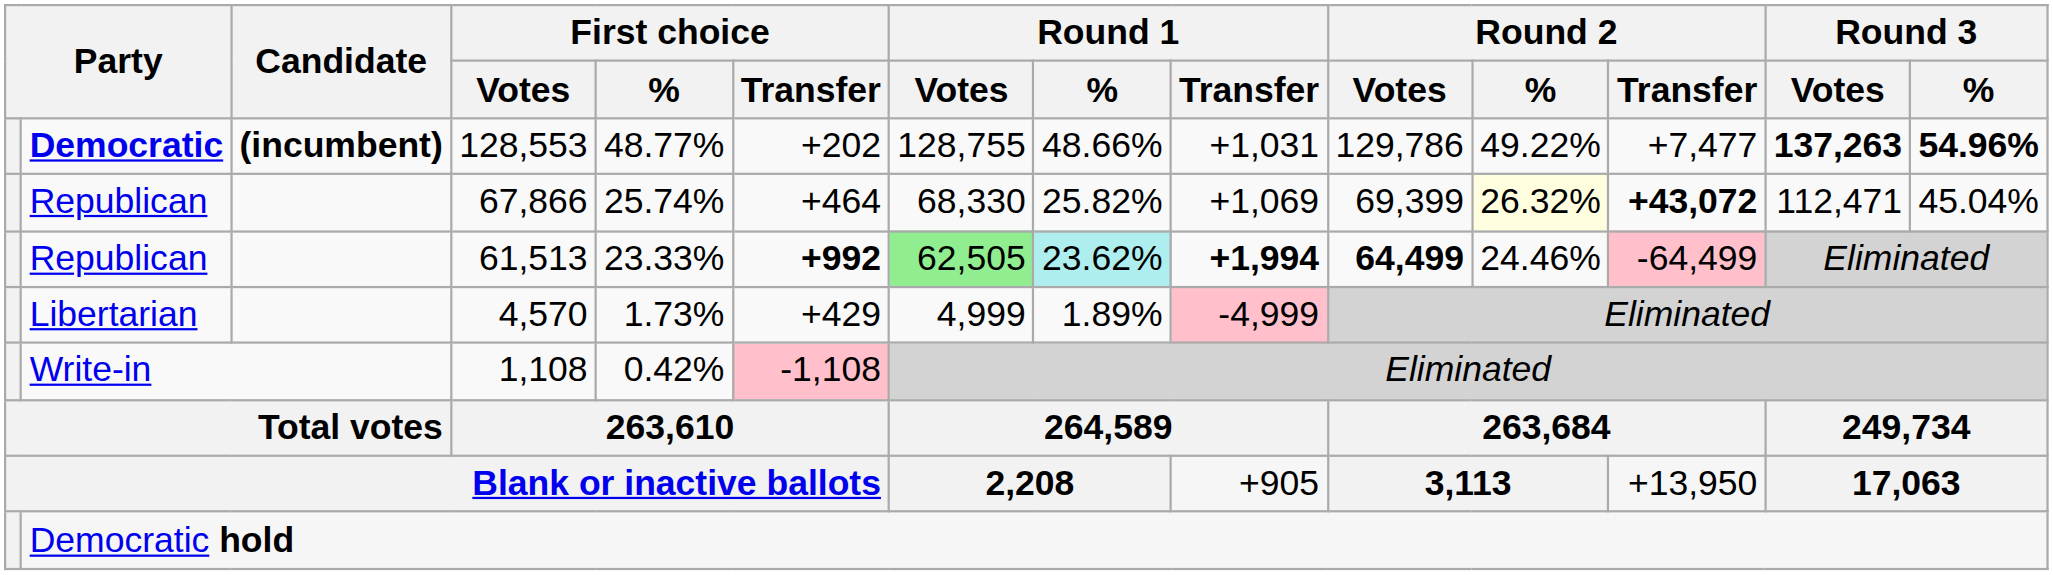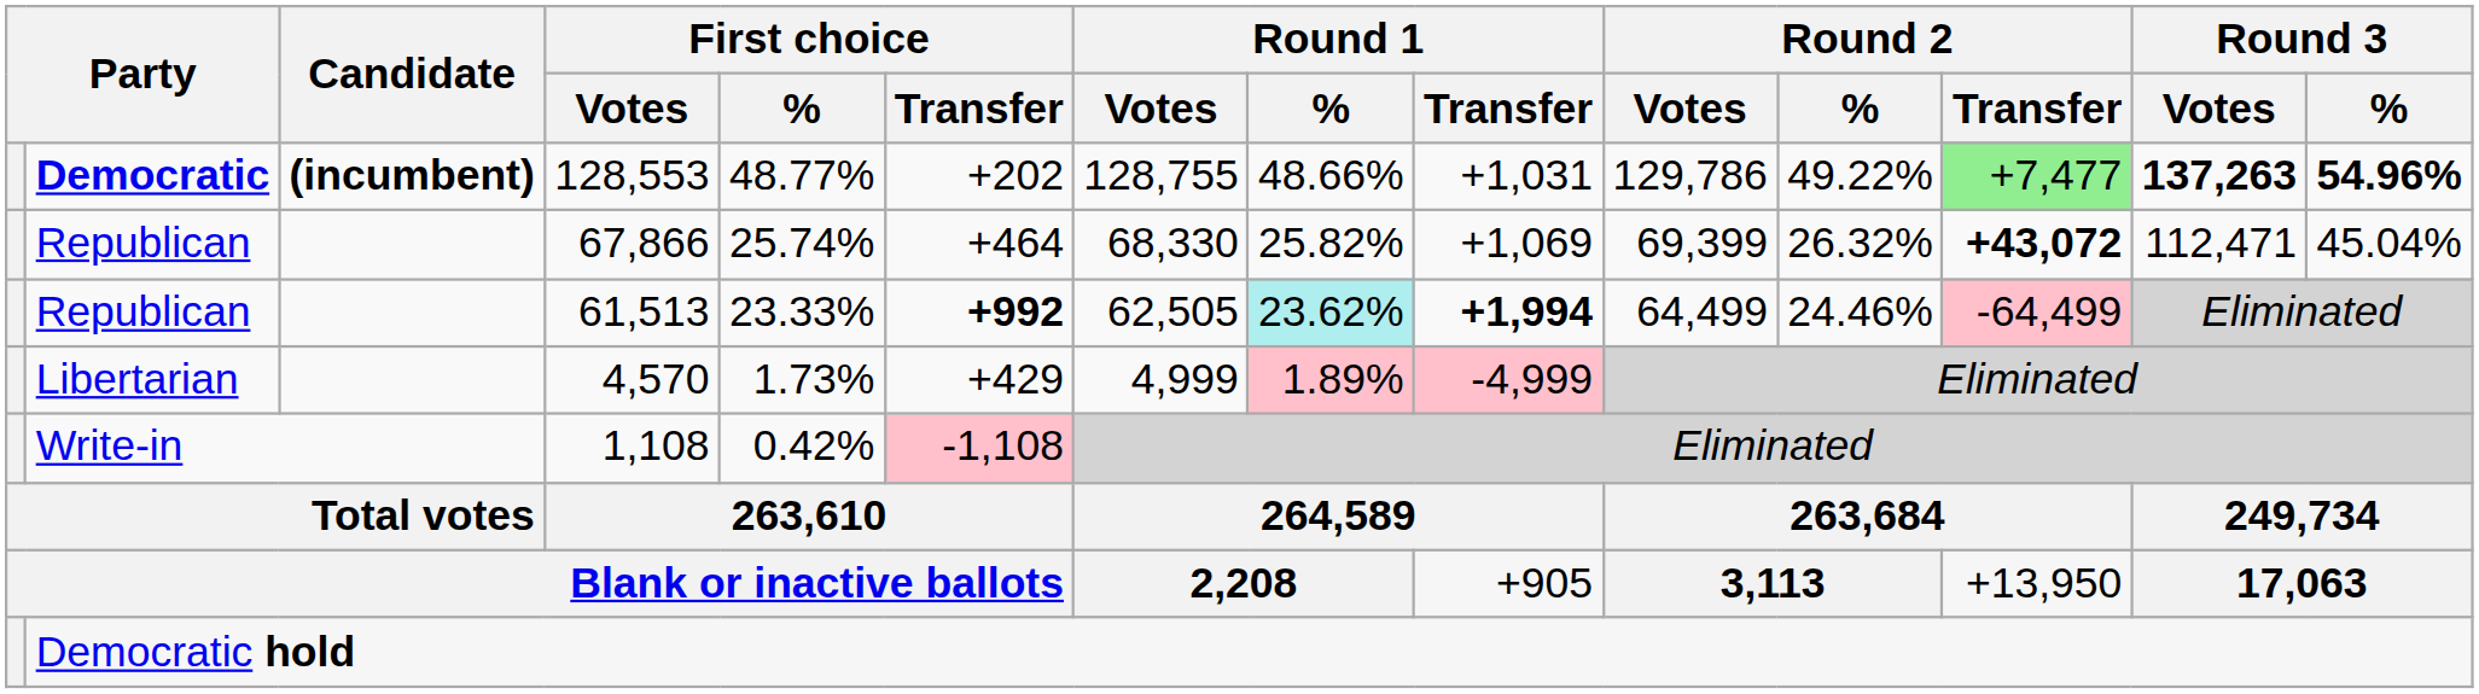 <table class="wikitable sortable" style="text-align:right">
 <tr>
 <th colspan=2 rowspan=2>Party</th>
 <th rowspan=2>Candidate</th>
 <th colspan=3>First choice</th>
 <th colspan=3>Round 1</th>
 <th colspan=3>Round 2</th>
 <th colspan=2>Round 3</th>
 </tr>
 <tr>
 <th>Votes</th>
 <th>%</th>
 <th>Transfer</th>
 <th>Votes</th>
 <th>%</th>
 <th>Transfer</th>
 <th>Votes</th>
 <th>%</th>
 <th>Transfer</th>
 <th>Votes</th>
 <th>%</th>
 </tr>
 <tr>
 <th style="background-color:"></th>
 <td style="text-align:left"><strong><a href='#'>Democratic</a></strong></td>
 <td style="text-align:left" scope="row"><strong> (incumbent)</strong></td>
 <td>128,553</td>
 <td>48.77%</td>
 <td>+202</td>
 <td>128,755</td>
 <td>48.66%</td>
 <td>+1,031</td>
 <td>129,786</td>
 <td>49.22%</td>
-<td>+7,477</td>
+<td style="background: lightgreen;">+7,477</td>
 <td><strong>137,263</strong></td>
 <td><strong>54.96%</strong></td>
 </tr>
 <tr>
 <th style="background-color:"></th>
 <td style="text-align:left"><a href='#'>Republican</a></td>
 <td style="text-align:left" scope="row"></td>
 <td>67,866</td>
 <td>25.74%</td>
 <td>+464</td>
 <td>68,330</td>
 <td>25.82%</td>
 <td>+1,069</td>
 <td>69,399</td>
-<td style="background: lightyellow;">26.32%</td>
+<td>26.32%</td>
 <td><strong>+43,072</strong></td>
 <td>112,471</td>
 <td>45.04%</td>
 </tr>
 <tr>
 <th style="background-color:"></th>
 <td style="text-align:left"><a href='#'>Republican</a></td>
 <td style="text-align:left" scope="row"></td>
 <td>61,513</td>
 <td>23.33%</td>
 <td><strong>+992</strong></td>
-<td style="background: lightgreen;">62,505</td>
+<td>62,505</td>
 <td style="background: paleturquoise;">23.62%</td>
 <td><strong>+1,994</strong></td>
-<td><strong>64,499</strong></td>
+<td>64,499</td>
 <td>24.46%</td>
 <td style="background:pink;">-64,499</td>
 <td colspan="2"  style="background:lightgrey; text-align:center;"><em>Eliminated</em></td>
 </tr>
 <tr>
 <th style="background-color:"></th>
 <td style="text-align:left"><a href='#'>Libertarian</a></td>
 <td style="text-align:left" scope="row"></td>
 <td>4,570</td>
 <td>1.73%</td>
 <td>+429</td>
 <td>4,999</td>
-<td>1.89%</td>
+<td style="background: pink;">1.89%</td>
 <td style="background:pink;">-4,999</td>
 <td colspan="5" style="background:lightgrey; text-align:center;"><em>Eliminated</em></td>
 </tr>
 <tr>
 <th style="background-color:"></th>
 <td style="text-align:left" colspan=2><a href='#'>Write-in</a></td>
 <td>1,108</td>
 <td>0.42%</td>
 <td style="background:pink;">-1,108</td>
 <td colspan="8" style="background:lightgrey; text-align:center;"><em>Eliminated</em></td>
 </tr>
 <tr class="sortbottom" style="background-color:#F6F6F6">
 <th colspan=3 scope="row" style="text-align:right;"><strong>Total votes</strong></th>
 <th colspan=3><strong>263,610</strong></th>
 <th colspan=3><strong>264,589</strong></th>
 <th colspan=3><strong>263,684</strong></th>
 <th colspan=2><strong>249,734</strong></th>
 </tr>
 <tr class="sortbottom" style="background-color:#F6F6F6">
 <th colspan=6 scope="row" style="text-align:right;"><a href='#'>Blank or inactive ballots</a></th>
 <th colspan=2>2,208</th>
 <td>+905</td>
 <th colspan=2>3,113</th>
 <td>+13,950</td>
 <th colspan=2>17,063</th>
 </tr>
 <tr class="sortbottom" style="background:#f6f6f6;">
 <th style="background-color:"></th>
 <td colspan="13" style="text-align:left"><a href='#'>Democratic</a> <strong>hold</strong></td>
 </tr>
 </table>
